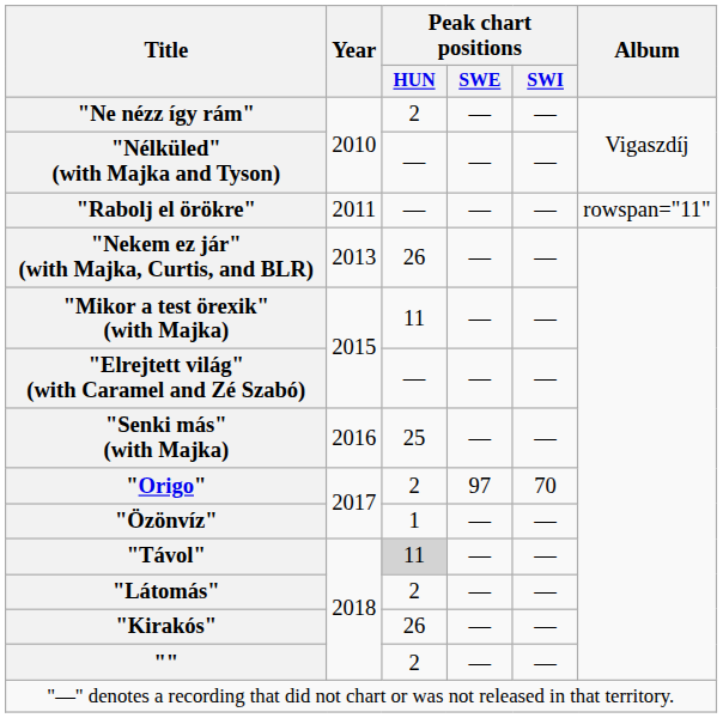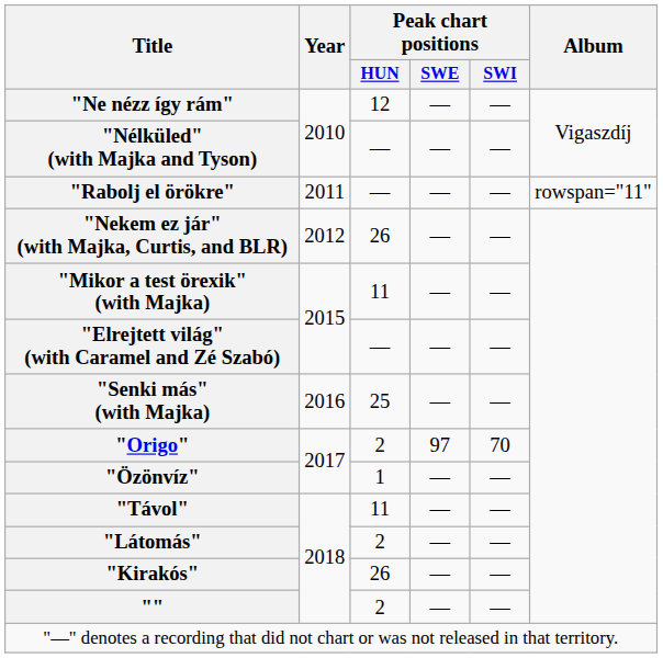 <table class="wikitable plainrowheaders" style="text-align:center;">
 <tr>
 <th scope="col" rowspan="2" style="width:14em;">Title</th>
 <th scope="col" rowspan="2" style="width:1em;">Year</th>
 <th scope="col" colspan="3">Peak chart positions</th>
 <th scope="col" rowspan="2">Album</th>
 </tr>
 <tr>
 <th scope="col" style="width:3em;font-size:85%;"><a href='#'>HUN</a><br></th>
 <th scope="col" style="width:3em;font-size:85%;"><a href='#'>SWE</a><br></th>
 <th scope="col" style="width:3em;font-size:85%;"><a href='#'>SWI</a><br></th>
 </tr>
 <tr>
 <th scope="row">"Ne nézz így rám"</th>
 <td rowspan="2">2010</td>
-<td>2</td>
+<td>12</td>
 <td>—</td>
 <td>—</td>
 <td rowspan="2">Vigaszdíj</td>
 </tr>
 <tr>
 <th scope="row">"Nélküled"<br><span>(with Majka and Tyson)</span></th>
 <td>—</td>
 <td>—</td>
 <td>—</td>
 </tr>
 <tr>
 <th scope="row">"Rabolj el örökre"</th>
 <td>2011</td>
 <td>—</td>
 <td>—</td>
 <td>—</td>
 <td>rowspan="11" </td>
 </tr>
 <tr>
 <th scope="row">"Nekem ez jár"<br><span>(with Majka, Curtis, and BLR)</span></th>
-<td>2013</td>
+<td>2012</td>
 <td>26</td>
 <td>—</td>
 <td>—</td>
 </tr>
 <tr>
 <th scope="row">"Mikor a test örexik"<br><span>(with Majka)</span></th>
 <td rowspan="2">2015</td>
 <td>11</td>
 <td>—</td>
 <td>—</td>
 </tr>
 <tr>
 <th scope="row">"Elrejtett világ"<br><span>(with Caramel and Zé Szabó)</span></th>
 <td>—</td>
 <td>—</td>
 <td>—</td>
 </tr>
 <tr>
 <th scope="row">"Senki más"<br><span>(with Majka)</span></th>
 <td>2016</td>
 <td>25</td>
 <td>—</td>
 <td>—</td>
 </tr>
 <tr>
 <th scope="row">"<a href='#'>Origo</a>"</th>
 <td rowspan="2">2017</td>
 <td>2</td>
 <td>97<br></td>
 <td>70</td>
 </tr>
 <tr>
 <th scope="row">"Özönvíz"</th>
 <td>1</td>
 <td>—</td>
 <td>—</td>
 </tr>
 <tr>
 <th scope="row">"Távol"</th>
 <td rowspan="4">2018</td>
-<td style="background: lightgrey;">11</td>
+<td>11</td>
 <td>—</td>
 <td>—</td>
 </tr>
 <tr>
 <th scope="row">"Látomás"</th>
 <td>2</td>
 <td>—</td>
 <td>—</td>
 </tr>
 <tr>
 <th scope="row">"Kirakós"</th>
 <td>26</td>
 <td>—</td>
 <td>—</td>
 </tr>
 <tr>
 <th scope="row">""</th>
 <td>2</td>
 <td>—</td>
 <td>—</td>
 </tr>
 <tr>
 <td colspan="14" style="font-size:90%">"—" denotes a recording that did not chart or was not released in that territory.</td>
 </tr>
 </table>
